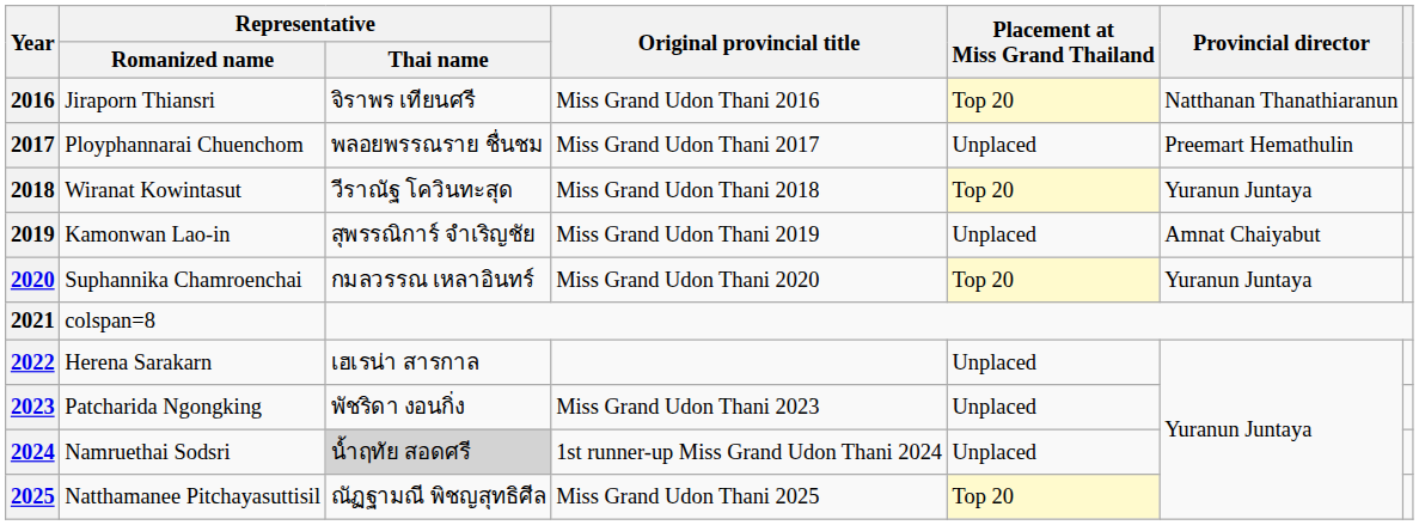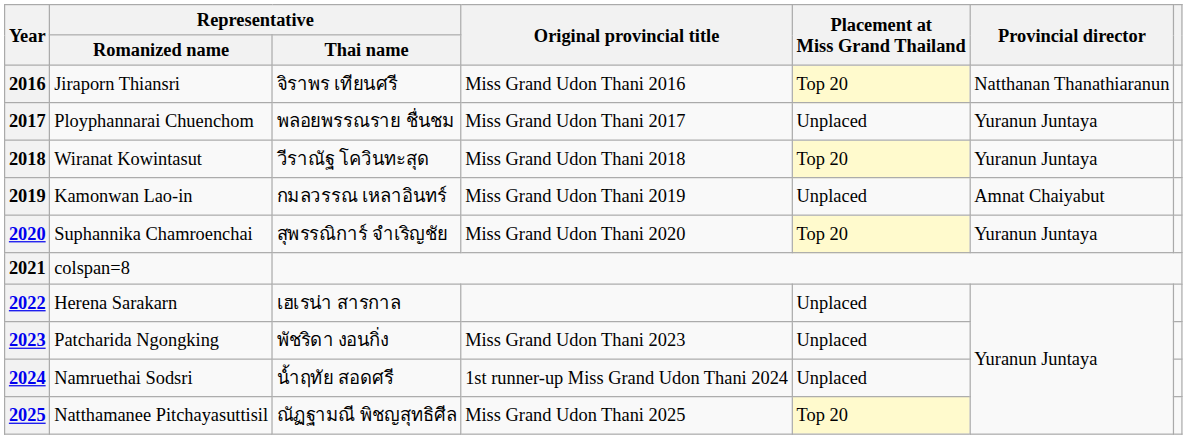 <table class="wikitable defaultcenter col2left col3left col6left" style="font-size:95%;">
 <tr>
 <th rowspan=2>Year</th>
 <th colspan=2>Representative</th>
 <th rowspan=2>Original provincial title</th>
 <th rowspan=2>Placement at<br>Miss Grand Thailand</th>
 <th rowspan=2>Provincial director</th>
 <th rowspan=2></th>
 </tr>
 <tr>
 <th>Romanized name</th>
 <th>Thai name</th>
 </tr>
 <tr>
 <th>2016</th>
 <td>Jiraporn Thiansri</td>
 <td>จิราพร เทียนศรี</td>
 <td>Miss Grand Udon Thani 2016</td>
 <td bgcolor=#FFFACD>Top 20</td>
 <td>Natthanan Thanathiaranun</td>
 <td></td>
 </tr>
 <tr>
 <th>2017</th>
 <td>Ployphannarai Chuenchom</td>
 <td>พลอยพรรณราย ชื่นชม</td>
 <td>Miss Grand Udon Thani 2017</td>
 <td>Unplaced</td>
-<td>Preemart Hemathulin</td>
+<td>Yuranun Juntaya</td>
 <td></td>
 </tr>
 <tr>
 <th>2018</th>
 <td>Wiranat Kowintasut</td>
 <td>วีราณัฐ โควินทะสุด</td>
 <td>Miss Grand Udon Thani 2018</td>
 <td bgcolor=#FFFACD>Top 20</td>
 <td>Yuranun Juntaya</td>
 <td></td>
 </tr>
 <tr>
 <th>2019</th>
 <td>Kamonwan Lao-in</td>
-<td>สุพรรณิการ์ จำเริญชัย</td>
+<td>กมลวรรณ เหลาอินทร์</td>
 <td>Miss Grand Udon Thani 2019</td>
 <td>Unplaced</td>
 <td>Amnat Chaiyabut</td>
 <td></td>
 </tr>
 <tr>
 <th><a href='#'>2020</a></th>
 <td>Suphannika Chamroenchai</td>
-<td>กมลวรรณ เหลาอินทร์</td>
+<td>สุพรรณิการ์ จำเริญชัย</td>
 <td>Miss Grand Udon Thani 2020</td>
 <td bgcolor=#FFFACD>Top 20</td>
 <td>Yuranun Juntaya</td>
 <td></td>
 </tr>
 <tr>
 <th>2021</th>
 <td>colspan=8 </td>
 </tr>
 <tr>
 <th><a href='#'>2022</a></th>
 <td>Herena Sarakarn</td>
 <td>เฮเรน่า สารกาล</td>
 <td></td>
 <td>Unplaced</td>
 <td rowspan=4>Yuranun Juntaya</td>
 <td></td>
 </tr>
 <tr>
 <th><a href='#'>2023</a></th>
 <td>Patcharida Ngongking</td>
 <td>พัชริดา งอนกิ่ง</td>
 <td>Miss Grand Udon Thani 2023</td>
 <td>Unplaced</td>
 <td></td>
 </tr>
 <tr>
 <th><a href='#'>2024</a></th>
 <td>Namruethai Sodsri</td>
-<td style="background: lightgrey;">น้ำฤทัย สอดศรี</td>
+<td>น้ำฤทัย สอดศรี</td>
 <td>1st runner-up Miss Grand Udon Thani 2024</td>
 <td>Unplaced</td>
 <td></td>
 </tr>
 <tr>
 <th><a href='#'>2025</a></th>
 <td>Natthamanee Pitchayasuttisil</td>
 <td>ณัฏฐามณี พิชญสุทธิศีล</td>
 <td>Miss Grand Udon Thani 2025</td>
 <td bgcolor=#FFFACD>Top 20</td>
 <td></td>
 </tr>
 </table>
